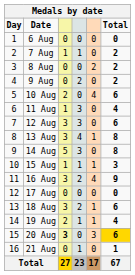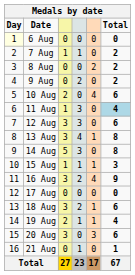 <table class="wikitable" style="font-size:85%; text-align:center;">
 <tr style="background:#efefef;">
 <th colspan=6>Medals by date</th>
 </tr>
 <tr>
 <td><strong>Day</strong></td>
 <td><strong>Date</strong></td>
 <td style="background:#F7F6A8;"></td>
 <td style="background:#DCE5E5;"></td>
 <td style="background:#FFDAB9;"></td>
 <td><strong>Total</strong></td>
 </tr>
 <tr>
-<td>1</td>
+<td style="background: lightyellow;">1</td>
 <td>6 Aug</td>
 <td style="background:#F7F6A8;">0</td>
 <td style="background:#DCE5E5;">0</td>
 <td style="background:#FFDAB9;">0</td>
 <td><strong>0</strong></td>
 </tr>
 <tr>
 <td>2</td>
 <td>7 Aug</td>
 <td style="background:#F7F6A8;">1</td>
 <td style="background:#DCE5E5;">1</td>
 <td style="background:#FFDAB9;">0</td>
 <td><strong>2</strong></td>
 </tr>
 <tr>
 <td>3</td>
 <td>8 Aug</td>
 <td style="background:#F7F6A8;">0</td>
 <td style="background:#DCE5E5;">0</td>
 <td style="background:#FFDAB9;">2</td>
 <td><strong>2</strong></td>
 </tr>
 <tr>
 <td>4</td>
 <td>9 Aug</td>
 <td style="background:#F7F6A8;">0</td>
 <td style="background:#DCE5E5;">2</td>
 <td style="background:#FFDAB9;">0</td>
 <td><strong>2</strong></td>
 </tr>
 <tr>
 <td>5</td>
 <td>10 Aug</td>
 <td style="background:#F7F6A8;">2</td>
 <td style="background:#DCE5E5;">0</td>
 <td style="background:#FFDAB9;">4</td>
 <td><strong>6</strong></td>
 </tr>
 <tr>
 <td>6</td>
 <td>11 Aug</td>
 <td style="background:#F7F6A8;">1</td>
 <td style="background:#DCE5E5;">3</td>
 <td style="background:#FFDAB9;">0</td>
-<td><strong>4</strong></td>
+<td style="background: lightblue;"><strong>4</strong></td>
 </tr>
 <tr>
 <td>7</td>
 <td>12 Aug</td>
 <td style="background:#F7F6A8;">3</td>
 <td style="background:#DCE5E5;">3</td>
 <td style="background:#FFDAB9;">0</td>
 <td><strong>6</strong></td>
 </tr>
 <tr>
 <td>8</td>
 <td>13 Aug</td>
 <td style="background:#F7F6A8;">3</td>
 <td style="background:#DCE5E5;">4</td>
 <td style="background:#FFDAB9;">1</td>
 <td><strong>8</strong></td>
 </tr>
 <tr>
 <td>9</td>
 <td>14 Aug</td>
 <td style="background:#F7F6A8;">5</td>
 <td style="background:#DCE5E5;">3</td>
 <td style="background:#FFDAB9;">0</td>
 <td><strong>8</strong></td>
 </tr>
 <tr>
 <td>10</td>
 <td>15 Aug</td>
 <td style="background:#F7F6A8;">1</td>
 <td style="background:#DCE5E5;">1</td>
 <td style="background:#FFDAB9;">1</td>
 <td><strong>3</strong></td>
 </tr>
 <tr>
 <td>11</td>
 <td>16 Aug</td>
 <td style="background:#F7F6A8;">3</td>
 <td style="background:#DCE5E5;">2</td>
 <td style="background:#FFDAB9;">4</td>
 <td><strong>9</strong></td>
 </tr>
 <tr>
 <td>12</td>
 <td>17 Aug</td>
 <td style="background:#F7F6A8;">0</td>
 <td style="background:#DCE5E5;">0</td>
 <td style="background:#FFDAB9;">0</td>
 <td><strong>0</strong></td>
 </tr>
 <tr>
 <td>13</td>
 <td>18 Aug</td>
 <td style="background:#F7F6A8;">3</td>
 <td style="background:#DCE5E5;">2</td>
 <td style="background:#FFDAB9;">1</td>
 <td><strong>6</strong></td>
 </tr>
 <tr>
 <td>14</td>
 <td>19 Aug</td>
 <td style="background:#F7F6A8;">2</td>
 <td style="background:#DCE5E5;">1</td>
 <td style="background:#FFDAB9;">1</td>
 <td><strong>4</strong></td>
 </tr>
 <tr>
 <td>15</td>
 <td>20 Aug</td>
-<td style="background:#F7F6A8;"><strong>3</strong></td>
+<td style="background:#F7F6A8;">3</td>
 <td style="background:#DCE5E5;">0</td>
 <td style="background:#FFDAB9;">3</td>
-<td style="background: gold;"><strong>6</strong></td>
+<td><strong>6</strong></td>
 </tr>
 <tr>
 <td>16</td>
 <td>21 Aug</td>
 <td style="background:#F7F6A8;">0</td>
 <td style="background:#DCE5E5;">1</td>
 <td style="background:#FFDAB9;">0</td>
 <td><strong>1</strong></td>
 </tr>
 <tr>
 <th colspan="2">Total</th>
 <th style="background:gold;">27</th>
 <th style="background:silver;">23</th>
 <th style="background:#c96;">17</th>
 <th>67</th>
 </tr>
 </table>
